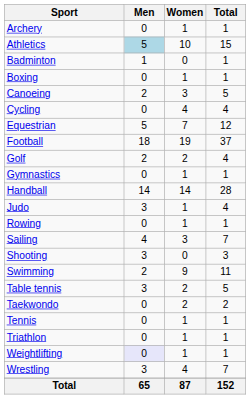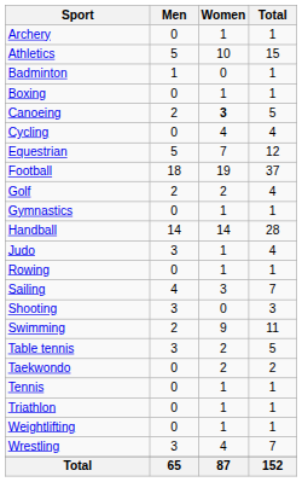 <table class="wikitable sortable" style="text-align:center;">
 <tr>
 <th width=180>Sport</th>
 <th width=55>Men</th>
 <th width=55>Women</th>
 <th width=55>Total</th>
 </tr>
 <tr>
 <td align=left><a href='#'>Archery</a></td>
 <td>0</td>
 <td>1</td>
 <td>1</td>
 </tr>
 <tr>
 <td align=left><a href='#'>Athletics</a></td>
-<td style="background: lightblue;">5</td>
+<td>5</td>
 <td>10</td>
 <td>15</td>
 </tr>
 <tr>
 <td align=left><a href='#'>Badminton</a></td>
 <td>1</td>
 <td>0</td>
 <td>1</td>
 </tr>
 <tr>
 <td align=left><a href='#'>Boxing</a></td>
 <td>0</td>
 <td>1</td>
 <td>1</td>
 </tr>
 <tr>
 <td align=left><a href='#'>Canoeing</a></td>
 <td>2</td>
-<td>3</td>
+<td><strong>3</strong></td>
 <td>5</td>
 </tr>
 <tr>
 <td align=left><a href='#'>Cycling</a></td>
 <td>0</td>
 <td>4</td>
 <td>4</td>
 </tr>
 <tr>
 <td align=left><a href='#'>Equestrian</a></td>
 <td>5</td>
 <td>7</td>
 <td>12</td>
 </tr>
 <tr>
 <td align=left><a href='#'>Football</a></td>
 <td>18</td>
 <td>19</td>
 <td>37</td>
 </tr>
 <tr>
 <td align=left><a href='#'>Golf</a></td>
 <td>2</td>
 <td>2</td>
 <td>4</td>
 </tr>
 <tr>
 <td align=left><a href='#'>Gymnastics</a></td>
 <td>0</td>
 <td>1</td>
 <td>1</td>
 </tr>
 <tr>
 <td align=left><a href='#'>Handball</a></td>
 <td>14</td>
 <td>14</td>
 <td>28</td>
 </tr>
 <tr>
 <td align=left><a href='#'>Judo</a></td>
 <td>3</td>
 <td>1</td>
 <td>4</td>
 </tr>
 <tr>
 <td align=left><a href='#'>Rowing</a></td>
 <td>0</td>
 <td>1</td>
 <td>1</td>
 </tr>
 <tr>
 <td align=left><a href='#'>Sailing</a></td>
 <td>4</td>
 <td>3</td>
 <td>7</td>
 </tr>
 <tr>
 <td align=left><a href='#'>Shooting</a></td>
 <td>3</td>
 <td>0</td>
 <td>3</td>
 </tr>
 <tr>
 <td align=left><a href='#'>Swimming</a></td>
 <td>2</td>
 <td>9</td>
 <td>11</td>
 </tr>
 <tr>
 <td align=left><a href='#'>Table tennis</a></td>
 <td>3</td>
 <td>2</td>
 <td>5</td>
 </tr>
 <tr>
 <td align=left><a href='#'>Taekwondo</a></td>
 <td>0</td>
 <td>2</td>
 <td>2</td>
 </tr>
 <tr>
 <td align=left><a href='#'>Tennis</a></td>
 <td>0</td>
 <td>1</td>
 <td>1</td>
 </tr>
 <tr>
 <td align=left><a href='#'>Triathlon</a></td>
 <td>0</td>
 <td>1</td>
 <td>1</td>
 </tr>
 <tr>
 <td align=left><a href='#'>Weightlifting</a></td>
-<td style="background: lavender;">0</td>
+<td>0</td>
 <td>1</td>
 <td>1</td>
 </tr>
 <tr>
 <td align=left><a href='#'>Wrestling</a></td>
 <td>3</td>
 <td>4</td>
 <td>7</td>
 </tr>
 <tr>
 </tr>
 <tr class="sortbottom">
 <th>Total</th>
 <th>65</th>
 <th>87</th>
 <th>152</th>
 </tr>
 </table>
